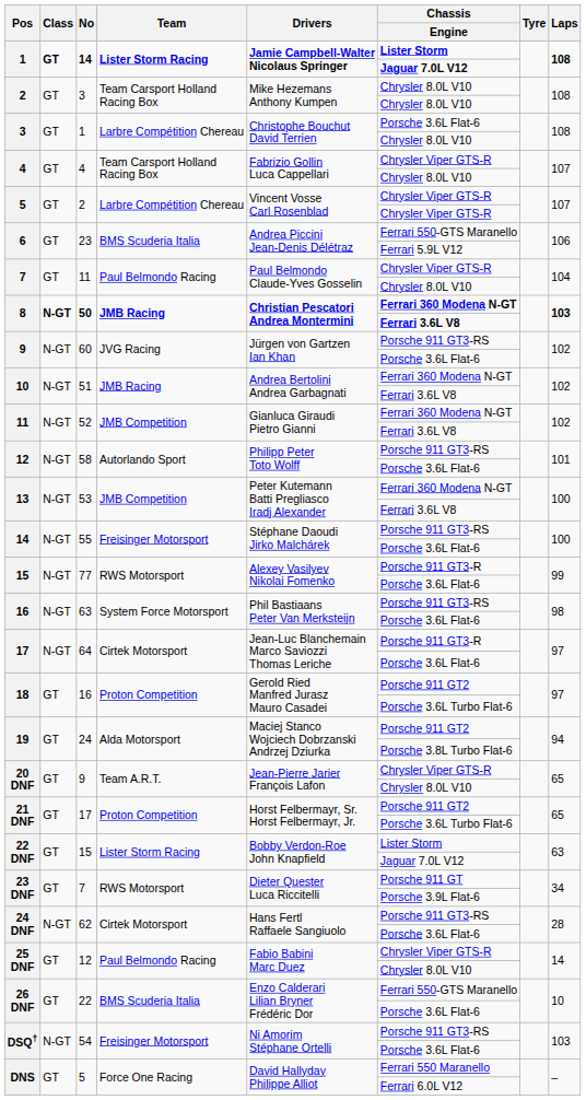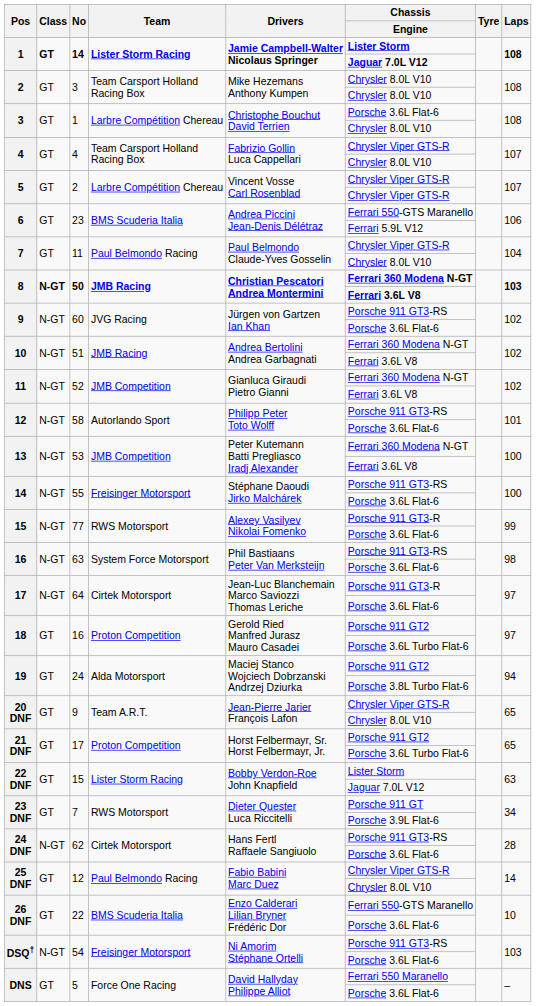 <table class="wikitable" style="font-size: 95%;">
 <tr>
 <th rowspan=2>Pos</th>
 <th rowspan=2>Class</th>
 <th rowspan=2>No</th>
 <th rowspan=2>Team</th>
 <th rowspan=2>Drivers</th>
 <th>Chassis</th>
 <th rowspan=2>Tyre</th>
 <th rowspan=2>Laps</th>
 </tr>
 <tr>
 <th>Engine</th>
 </tr>
 <tr style="font-weight:bold">
 <th rowspan=2>1</th>
 <td rowspan=2>GT</td>
 <td rowspan=2>14</td>
 <td rowspan=2> <a href='#'>Lister Storm Racing</a></td>
 <td rowspan=2> <a href='#'>Jamie Campbell-Walter</a><br> Nicolaus Springer</td>
 <td><a href='#'>Lister Storm</a></td>
 <td rowspan=2></td>
 <td rowspan=2>108</td>
 </tr>
 <tr style="font-weight:bold">
 <td><a href='#'>Jaguar</a> 7.0L V12</td>
 </tr>
 <tr>
 <th rowspan=2>2</th>
 <td rowspan=2>GT</td>
 <td rowspan=2>3</td>
 <td rowspan=2> Team Carsport Holland<br> Racing Box</td>
 <td rowspan=2> Mike Hezemans<br> Anthony Kumpen</td>
 <td><a href='#'>Chrysler</a> 8.0L V10</td>
 <td rowspan=2></td>
 <td rowspan=2>108</td>
 </tr>
 <tr>
 <td><a href='#'>Chrysler</a> 8.0L V10</td>
 </tr>
 <tr>
 <th rowspan=2>3</th>
 <td rowspan=2>GT</td>
 <td rowspan=2>1</td>
 <td rowspan=2> <a href='#'>Larbre Compétition</a> Chereau</td>
 <td rowspan=2> <a href='#'>Christophe Bouchut</a><br> <a href='#'>David Terrien</a></td>
 <td><a href='#'>Porsche</a> 3.6L Flat-6</td>
 <td rowspan=2></td>
 <td rowspan=2>108</td>
 </tr>
 <tr>
 <td><a href='#'>Chrysler</a> 8.0L V10</td>
 </tr>
 <tr>
 <th rowspan=2>4</th>
 <td rowspan=2>GT</td>
 <td rowspan=2>4</td>
 <td rowspan=2> Team Carsport Holland<br> Racing Box</td>
 <td rowspan=2> <a href='#'>Fabrizio Gollin</a><br> Luca Cappellari</td>
 <td><a href='#'>Chrysler Viper GTS-R</a></td>
 <td rowspan=2></td>
 <td rowspan=2>107</td>
 </tr>
 <tr>
 <td><a href='#'>Chrysler</a> 8.0L V10</td>
 </tr>
 <tr>
 <th rowspan=2>5</th>
 <td rowspan=2>GT</td>
 <td rowspan=2>2</td>
 <td rowspan=2> <a href='#'>Larbre Compétition</a> Chereau</td>
 <td rowspan=2> Vincent Vosse<br> <a href='#'>Carl Rosenblad</a></td>
 <td><a href='#'>Chrysler Viper GTS-R</a></td>
 <td rowspan=2></td>
 <td rowspan=2>107</td>
 </tr>
 <tr>
 <td><a href='#'>Chrysler Viper GTS-R</a></td>
 </tr>
 <tr>
 <th rowspan=2>6</th>
 <td rowspan=2>GT</td>
 <td rowspan=2>23</td>
 <td rowspan=2> <a href='#'>BMS Scuderia Italia</a></td>
 <td rowspan=2> <a href='#'>Andrea Piccini</a><br> <a href='#'>Jean-Denis Délétraz</a></td>
 <td><a href='#'>Ferrari 550</a>-GTS Maranello</td>
 <td rowspan=2></td>
 <td rowspan=2>106</td>
 </tr>
 <tr>
 <td><a href='#'>Ferrari</a> 5.9L V12</td>
 </tr>
 <tr>
 <th rowspan=2>7</th>
 <td rowspan=2>GT</td>
 <td rowspan=2>11</td>
 <td rowspan=2> <a href='#'>Paul Belmondo</a> Racing</td>
 <td rowspan=2> <a href='#'>Paul Belmondo</a><br> Claude-Yves Gosselin</td>
 <td><a href='#'>Chrysler Viper GTS-R</a></td>
 <td rowspan=2></td>
 <td rowspan=2>104</td>
 </tr>
 <tr>
 <td><a href='#'>Chrysler</a> 8.0L V10</td>
 </tr>
 <tr style="font-weight:bold">
 <th rowspan=2>8</th>
 <td rowspan=2>N-GT</td>
 <td rowspan=2>50</td>
 <td rowspan=2> <a href='#'>JMB Racing</a></td>
 <td rowspan=2> <a href='#'>Christian Pescatori</a><br> <a href='#'>Andrea Montermini</a></td>
 <td><a href='#'>Ferrari 360 Modena</a> N-GT</td>
 <td rowspan=2></td>
 <td rowspan=2>103</td>
 </tr>
 <tr style="font-weight:bold">
 <td><a href='#'>Ferrari</a> 3.6L V8</td>
 </tr>
 <tr>
 <th rowspan=2>9</th>
 <td rowspan=2>N-GT</td>
 <td rowspan=2>60</td>
 <td rowspan=2> JVG Racing</td>
 <td rowspan=2> Jürgen von Gartzen<br> <a href='#'>Ian Khan</a></td>
 <td><a href='#'>Porsche 911 GT3</a>-RS</td>
 <td rowspan=2></td>
 <td rowspan=2>102</td>
 </tr>
 <tr>
 <td><a href='#'>Porsche</a> 3.6L Flat-6</td>
 </tr>
 <tr>
 <th rowspan=2>10</th>
 <td rowspan=2>N-GT</td>
 <td rowspan=2>51</td>
 <td rowspan=2> <a href='#'>JMB Racing</a></td>
 <td rowspan=2> <a href='#'>Andrea Bertolini</a><br> Andrea Garbagnati</td>
 <td><a href='#'>Ferrari 360 Modena</a> N-GT</td>
 <td rowspan=2></td>
 <td rowspan=2>102</td>
 </tr>
 <tr>
 <td><a href='#'>Ferrari</a> 3.6L V8</td>
 </tr>
 <tr>
 <th rowspan=2>11</th>
 <td rowspan=2>N-GT</td>
 <td rowspan=2>52</td>
 <td rowspan=2> <a href='#'>JMB Competition</a></td>
 <td rowspan=2> Gianluca Giraudi<br> Pietro Gianni</td>
 <td><a href='#'>Ferrari 360 Modena</a> N-GT</td>
 <td rowspan=2></td>
 <td rowspan=2>102</td>
 </tr>
 <tr>
 <td><a href='#'>Ferrari</a> 3.6L V8</td>
 </tr>
 <tr>
 <th rowspan=2>12</th>
 <td rowspan=2>N-GT</td>
 <td rowspan=2>58</td>
 <td rowspan=2> Autorlando Sport</td>
 <td rowspan=2> <a href='#'>Philipp Peter</a><br> <a href='#'>Toto Wolff</a></td>
 <td><a href='#'>Porsche 911 GT3</a>-RS</td>
 <td rowspan=2></td>
 <td rowspan=2>101</td>
 </tr>
 <tr>
 <td><a href='#'>Porsche</a> 3.6L Flat-6</td>
 </tr>
 <tr>
 <th rowspan=2>13</th>
 <td rowspan=2>N-GT</td>
 <td rowspan=2>53</td>
 <td rowspan=2> <a href='#'>JMB Competition</a></td>
 <td rowspan=2> Peter Kutemann<br> Batti Pregliasco<br> <a href='#'>Iradj Alexander</a></td>
 <td><a href='#'>Ferrari 360 Modena</a> N-GT</td>
 <td rowspan=2></td>
 <td rowspan=2>100</td>
 </tr>
 <tr>
 <td><a href='#'>Ferrari</a> 3.6L V8</td>
 </tr>
 <tr>
 <th rowspan=2>14</th>
 <td rowspan=2>N-GT</td>
 <td rowspan=2>55</td>
 <td rowspan=2> <a href='#'>Freisinger Motorsport</a></td>
 <td rowspan=2> Stéphane Daoudi<br> <a href='#'>Jirko Malchárek</a></td>
 <td><a href='#'>Porsche 911 GT3</a>-RS</td>
 <td rowspan=2></td>
 <td rowspan=2>100</td>
 </tr>
 <tr>
 <td><a href='#'>Porsche</a> 3.6L Flat-6</td>
 </tr>
 <tr>
 <th rowspan=2>15</th>
 <td rowspan=2>N-GT</td>
 <td rowspan=2>77</td>
 <td rowspan=2> RWS Motorsport</td>
 <td rowspan=2> <a href='#'>Alexey Vasilyev</a><br> <a href='#'>Nikolai Fomenko</a></td>
 <td><a href='#'>Porsche 911 GT3</a>-R</td>
 <td rowspan=2></td>
 <td rowspan=2>99</td>
 </tr>
 <tr>
 <td><a href='#'>Porsche</a> 3.6L Flat-6</td>
 </tr>
 <tr>
 <th rowspan=2>16</th>
 <td rowspan=2>N-GT</td>
 <td rowspan=2>63</td>
 <td rowspan=2> System Force Motorsport</td>
 <td rowspan=2> Phil Bastiaans<br> <a href='#'>Peter Van Merksteijn</a></td>
 <td><a href='#'>Porsche 911 GT3</a>-RS</td>
 <td rowspan=2></td>
 <td rowspan=2>98</td>
 </tr>
 <tr>
 <td><a href='#'>Porsche</a> 3.6L Flat-6</td>
 </tr>
 <tr>
 <th rowspan=2>17</th>
 <td rowspan=2>N-GT</td>
 <td rowspan=2>64</td>
 <td rowspan=2> Cirtek Motorsport</td>
 <td rowspan=2> Jean-Luc Blanchemain<br> Marco Saviozzi<br> Thomas Leriche</td>
 <td><a href='#'>Porsche 911 GT3</a>-R</td>
 <td rowspan=2></td>
 <td rowspan=2>97</td>
 </tr>
 <tr>
 <td><a href='#'>Porsche</a> 3.6L Flat-6</td>
 </tr>
 <tr>
 <th rowspan=2>18</th>
 <td rowspan=2>GT</td>
 <td rowspan=2>16</td>
 <td rowspan=2> <a href='#'>Proton Competition</a></td>
 <td rowspan=2> Gerold Ried<br> Manfred Jurasz<br> Mauro Casadei</td>
 <td><a href='#'>Porsche 911 GT2</a></td>
 <td rowspan=2></td>
 <td rowspan=2>97</td>
 </tr>
 <tr>
 <td><a href='#'>Porsche</a> 3.6L Turbo Flat-6</td>
 </tr>
 <tr>
 <th rowspan=2>19</th>
 <td rowspan=2>GT</td>
 <td rowspan=2>24</td>
 <td rowspan=2> Alda Motorsport</td>
 <td rowspan=2> Maciej Stanco<br> Wojciech Dobrzanski<br> Andrzej Dziurka</td>
 <td><a href='#'>Porsche 911 GT2</a></td>
 <td rowspan=2></td>
 <td rowspan=2>94</td>
 </tr>
 <tr>
 <td><a href='#'>Porsche</a> 3.8L Turbo Flat-6</td>
 </tr>
 <tr>
 <th rowspan=2>20<br>DNF</th>
 <td rowspan=2>GT</td>
 <td rowspan=2>9</td>
 <td rowspan=2> Team A.R.T.</td>
 <td rowspan=2> <a href='#'>Jean-Pierre Jarier</a><br> François Lafon</td>
 <td><a href='#'>Chrysler Viper GTS-R</a></td>
 <td rowspan=2></td>
 <td rowspan=2>65</td>
 </tr>
 <tr>
 <td><a href='#'>Chrysler</a> 8.0L V10</td>
 </tr>
 <tr>
 <th rowspan=2>21<br>DNF</th>
 <td rowspan=2>GT</td>
 <td rowspan=2>17</td>
 <td rowspan=2> <a href='#'>Proton Competition</a></td>
 <td rowspan=2> Horst Felbermayr, Sr.<br> Horst Felbermayr, Jr.</td>
 <td><a href='#'>Porsche 911 GT2</a></td>
 <td rowspan=2></td>
 <td rowspan=2>65</td>
 </tr>
 <tr>
 <td><a href='#'>Porsche</a> 3.6L Turbo Flat-6</td>
 </tr>
 <tr>
 <th rowspan=2>22<br>DNF</th>
 <td rowspan=2>GT</td>
 <td rowspan=2>15</td>
 <td rowspan=2> <a href='#'>Lister Storm Racing</a></td>
 <td rowspan=2> <a href='#'>Bobby Verdon-Roe</a><br> John Knapfield</td>
 <td><a href='#'>Lister Storm</a></td>
 <td rowspan=2></td>
 <td rowspan=2>63</td>
 </tr>
 <tr>
 <td><a href='#'>Jaguar</a> 7.0L V12</td>
 </tr>
 <tr>
 <th rowspan=2>23<br>DNF</th>
 <td rowspan=2>GT</td>
 <td rowspan=2>7</td>
 <td rowspan=2> RWS Motorsport</td>
 <td rowspan=2> <a href='#'>Dieter Quester</a><br> Luca Riccitelli</td>
 <td><a href='#'>Porsche 911 GT</a></td>
 <td rowspan=2></td>
 <td rowspan=2>34</td>
 </tr>
 <tr>
 <td><a href='#'>Porsche</a> 3.9L Flat-6</td>
 </tr>
 <tr>
 <th rowspan=2>24<br>DNF</th>
 <td rowspan=2>N-GT</td>
 <td rowspan=2>62</td>
 <td rowspan=2> Cirtek Motorsport</td>
 <td rowspan=2> Hans Fertl<br> Raffaele Sangiuolo</td>
 <td><a href='#'>Porsche 911 GT3</a>-RS</td>
 <td rowspan=2></td>
 <td rowspan=2>28</td>
 </tr>
 <tr>
 <td><a href='#'>Porsche</a> 3.6L Flat-6</td>
 </tr>
 <tr>
 <th rowspan=2>25<br>DNF</th>
 <td rowspan=2>GT</td>
 <td rowspan=2>12</td>
 <td rowspan=2> <a href='#'>Paul Belmondo</a> Racing</td>
 <td rowspan=2> <a href='#'>Fabio Babini</a><br> <a href='#'>Marc Duez</a></td>
 <td><a href='#'>Chrysler Viper GTS-R</a></td>
 <td rowspan=2></td>
 <td rowspan=2>14</td>
 </tr>
 <tr>
 <td><a href='#'>Chrysler</a> 8.0L V10</td>
 </tr>
 <tr>
 <th rowspan=2>26<br>DNF</th>
 <td rowspan=2>GT</td>
 <td rowspan=2>22</td>
 <td rowspan=2> <a href='#'>BMS Scuderia Italia</a></td>
 <td rowspan=2> <a href='#'>Enzo Calderari</a><br> <a href='#'>Lilian Bryner</a><br> Frédéric Dor</td>
 <td><a href='#'>Ferrari 550</a>-GTS Maranello</td>
 <td rowspan=2></td>
 <td rowspan=2>10</td>
 </tr>
 <tr>
 <td><a href='#'>Porsche</a> 3.6L Flat-6</td>
 </tr>
 <tr>
 <th rowspan=2>DSQ<sup>†</sup></th>
 <td rowspan=2>N-GT</td>
 <td rowspan=2>54</td>
 <td rowspan=2> <a href='#'>Freisinger Motorsport</a></td>
 <td rowspan=2> <a href='#'>Ni Amorim</a><br> <a href='#'>Stéphane Ortelli</a></td>
 <td><a href='#'>Porsche 911 GT3</a>-RS</td>
 <td rowspan=2></td>
 <td rowspan=2>103</td>
 </tr>
 <tr>
 <td><a href='#'>Porsche</a> 3.6L Flat-6</td>
 </tr>
 <tr>
 <th rowspan=2>DNS</th>
 <td rowspan=2>GT</td>
 <td rowspan=2>5</td>
 <td rowspan=2> Force One Racing</td>
 <td rowspan=2> <a href='#'>David Hallyday</a><br> <a href='#'>Philippe Alliot</a></td>
 <td><a href='#'>Ferrari 550 Maranello</a></td>
 <td rowspan=2></td>
 <td rowspan=2>–</td>
 </tr>
 <tr>
-<td><a href='#'>Ferrari</a> 6.0L V12</td>
+<td><a href='#'>Porsche</a> 3.6L Flat-6</td>
 </tr>
 </table>
